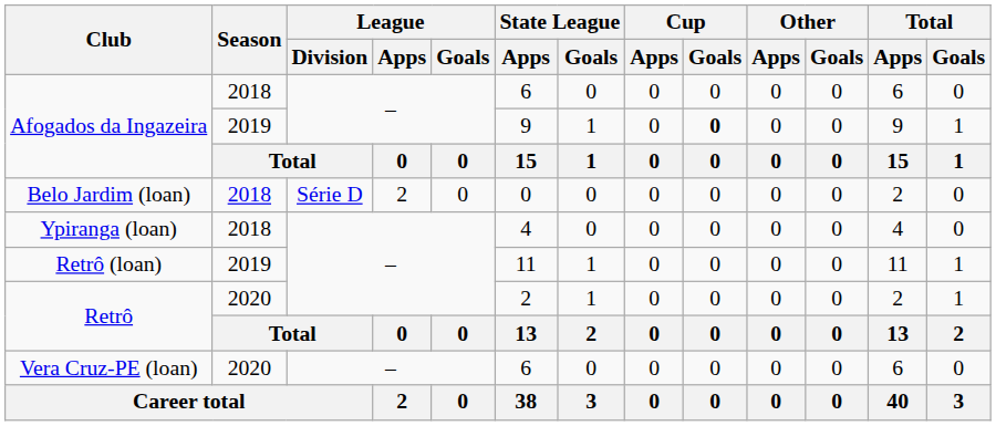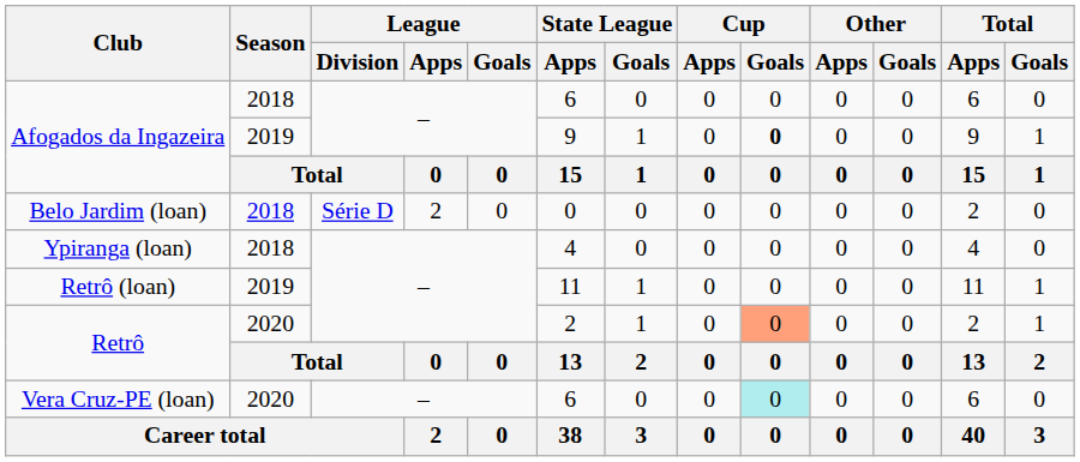 <table class="wikitable" style="text-align: center">
 <tr>
 <th rowspan="2">Club</th>
 <th rowspan="2">Season</th>
 <th colspan="3">League</th>
 <th colspan="2">State League</th>
 <th colspan="2">Cup</th>
 <th colspan="2">Other</th>
 <th colspan="2">Total</th>
 </tr>
 <tr>
 <th>Division</th>
 <th>Apps</th>
 <th>Goals</th>
 <th>Apps</th>
 <th>Goals</th>
 <th>Apps</th>
 <th>Goals</th>
 <th>Apps</th>
 <th>Goals</th>
 <th>Apps</th>
 <th>Goals</th>
 </tr>
 <tr>
 <td rowspan="3"><a href='#'>Afogados da Ingazeira</a></td>
 <td>2018</td>
 <td colspan="3" rowspan="2">–</td>
 <td>6</td>
 <td>0</td>
 <td>0</td>
 <td>0</td>
 <td>0</td>
 <td>0</td>
 <td>6</td>
 <td>0</td>
 </tr>
 <tr>
 <td>2019</td>
 <td>9</td>
 <td>1</td>
 <td>0</td>
 <td><strong>0</strong></td>
 <td>0</td>
 <td>0</td>
 <td>9</td>
 <td>1</td>
 </tr>
 <tr>
 <th colspan="2"><strong>Total</strong></th>
 <th>0</th>
 <th>0</th>
 <th>15</th>
 <th>1</th>
 <th>0</th>
 <th>0</th>
 <th>0</th>
 <th>0</th>
 <th>15</th>
 <th>1</th>
 </tr>
 <tr>
 <td><a href='#'>Belo Jardim</a> (loan)</td>
 <td><a href='#'>2018</a></td>
 <td><a href='#'>Série D</a></td>
 <td>2</td>
 <td>0</td>
 <td>0</td>
 <td>0</td>
 <td>0</td>
 <td>0</td>
 <td>0</td>
 <td>0</td>
 <td>2</td>
 <td>0</td>
 </tr>
 <tr>
 <td><a href='#'>Ypiranga</a> (loan)</td>
 <td>2018</td>
 <td colspan="3" rowspan="3">–</td>
 <td>4</td>
 <td>0</td>
 <td>0</td>
 <td>0</td>
 <td>0</td>
 <td>0</td>
 <td>4</td>
 <td>0</td>
 </tr>
 <tr>
 <td><a href='#'>Retrô</a> (loan)</td>
 <td>2019</td>
 <td>11</td>
 <td>1</td>
 <td>0</td>
 <td>0</td>
 <td>0</td>
 <td>0</td>
 <td>11</td>
 <td>1</td>
 </tr>
 <tr>
 <td rowspan="2"><a href='#'>Retrô</a></td>
 <td>2020</td>
 <td>2</td>
 <td>1</td>
 <td>0</td>
-<td>0</td>
+<td style="background: lightsalmon;">0</td>
 <td>0</td>
 <td>0</td>
 <td>2</td>
 <td>1</td>
 </tr>
 <tr>
 <th colspan="2"><strong>Total</strong></th>
 <th>0</th>
 <th>0</th>
 <th>13</th>
 <th>2</th>
 <th>0</th>
 <th>0</th>
 <th>0</th>
 <th>0</th>
 <th>13</th>
 <th>2</th>
 </tr>
 <tr>
 <td><a href='#'>Vera Cruz-PE</a> (loan)</td>
 <td>2020</td>
 <td colspan="3">–</td>
 <td>6</td>
 <td>0</td>
 <td>0</td>
-<td>0</td>
+<td style="background: paleturquoise;">0</td>
 <td>0</td>
 <td>0</td>
 <td>6</td>
 <td>0</td>
 </tr>
 <tr>
 <th colspan="3"><strong>Career total</strong></th>
 <th>2</th>
 <th>0</th>
 <th>38</th>
 <th>3</th>
 <th>0</th>
 <th>0</th>
 <th>0</th>
 <th>0</th>
 <th>40</th>
 <th>3</th>
 </tr>
 </table>
